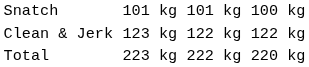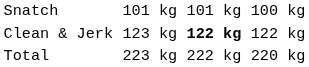 <table>
 <tr>
 <td>Snatch</td>
 <td></td>
 <td>101 kg</td>
 <td></td>
 <td>101 kg</td>
 <td></td>
 <td>100 kg</td>
 </tr>
 <tr>
 <td>Clean & Jerk</td>
 <td></td>
 <td>123 kg</td>
 <td></td>
-<td>122 kg</td>
+<td><strong>122 kg</strong></td>
 <td></td>
 <td>122 kg</td>
 </tr>
 <tr>
 <td>Total</td>
 <td></td>
 <td>223 kg</td>
 <td></td>
 <td>222 kg</td>
 <td></td>
 <td>220 kg</td>
 </tr>
 </table>
